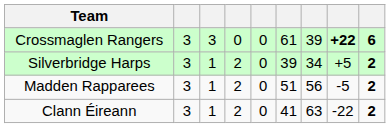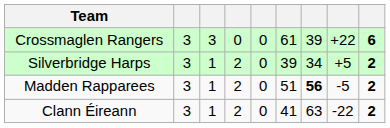 <table class="wikitable" style="text-align:center">
 <tr>
 <th style="width:175px;">Team</th>
 <th width="20"></th>
 <th width="20"></th>
 <th width="20"></th>
 <th width="20"></th>
 <th width="20"></th>
 <th width="20"></th>
 <th width="20"></th>
 <th width="20"></th>
 </tr>
 <tr style="background:#cfc;">
 <td>Crossmaglen Rangers</td>
 <td>3</td>
 <td>3</td>
 <td>0</td>
 <td>0</td>
 <td>61</td>
 <td>39</td>
-<td><strong>+22</strong></td>
+<td>+22</td>
 <td><strong>6</strong></td>
 </tr>
 <tr style="background:#cfc;">
 <td>Silverbridge Harps</td>
 <td>3</td>
 <td>1</td>
 <td>2</td>
 <td>0</td>
 <td>39</td>
 <td>34</td>
 <td>+5</td>
 <td><strong>2</strong></td>
 </tr>
 <tr>
 <td>Madden Rapparees</td>
 <td>3</td>
 <td>1</td>
 <td>2</td>
 <td>0</td>
 <td>51</td>
-<td>56</td>
+<td><strong>56</strong></td>
 <td>-5</td>
 <td><strong>2</strong></td>
 </tr>
 <tr>
 <td>Clann Éireann</td>
 <td>3</td>
 <td>1</td>
 <td>2</td>
 <td>0</td>
 <td>41</td>
 <td>63</td>
 <td>-22</td>
 <td><strong>2</strong></td>
 </tr>
 </table>
